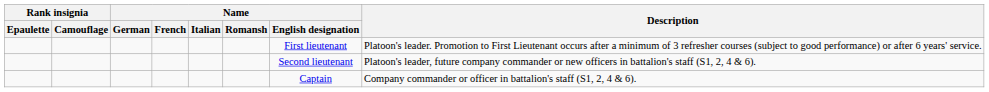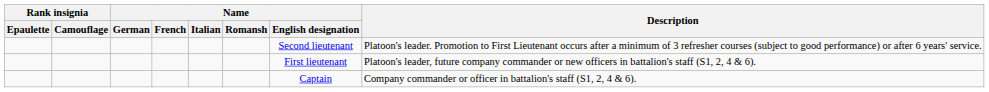 <table class="wikitable" style="text-align:center;">
 <tr>
 <th colspan=2>Rank insignia</th>
 <th colspan=5>Name</th>
 <th rowspan=2>Description</th>
 </tr>
 <tr>
 <th>Epaulette</th>
 <th>Camouflage</th>
 <th>German</th>
 <th>French</th>
 <th>Italian</th>
 <th>Romansh<br></th>
 <th>English designation</th>
 </tr>
 <tr>
 <td></td>
 <td></td>
 <td><br></td>
 <td><br></td>
 <td><br></td>
 <td><br></td>
-<td><a href='#'>First lieutenant</a></td>
+<td><a href='#'>Second lieutenant</a></td>
 <td style="text-align:left;">Platoon's leader. Promotion to First Lieutenant occurs after a minimum of 3 refresher courses (subject to good performance) or after 6 years' service.</td>
 </tr>
 <tr>
 <td></td>
 <td></td>
 <td><br></td>
 <td><br></td>
 <td><br></td>
 <td><br></td>
-<td><a href='#'>Second lieutenant</a></td>
+<td><a href='#'>First lieutenant</a></td>
 <td style="text-align:left;">Platoon's leader, future company commander or new officers in battalion's staff (S1, 2, 4 & 6).</td>
 </tr>
 <tr>
 <td></td>
 <td></td>
 <td><br></td>
 <td><br></td>
 <td><br></td>
 <td><br></td>
 <td><a href='#'>Captain</a></td>
 <td style="text-align:left;">Company commander or officer in battalion's staff (S1, 2, 4 & 6).</td>
 </tr>
 </table>
